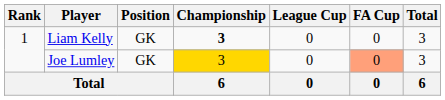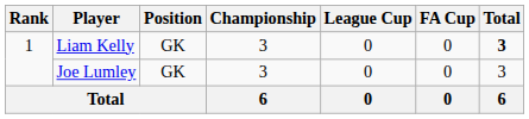 <table class="wikitable">
 <tr>
 <th>Rank</th>
 <th>Player</th>
 <th>Position</th>
 <th>Championship</th>
 <th>League Cup</th>
 <th>FA Cup</th>
 <th>Total</th>
 </tr>
 <tr>
 <td align=center valign=top rowspan=2>1</td>
 <td> <a href='#'>Liam Kelly</a></td>
 <td align=center>GK</td>
-<td align=center><strong>3</strong></td>
+<td align=center>3</td>
 <td align=center>0</td>
 <td align=center>0</td>
-<td align=center>3</td>
+<td align=center><strong>3</strong></td>
 </tr>
 <tr>
 <td> <a href='#'>Joe Lumley</a></td>
 <td align=center>GK</td>
-<td align=center style="background: gold;">3</td>
+<td align=center>3</td>
 <td align=center>0</td>
-<td align=center style="background: lightsalmon;">0</td>
+<td align=center>0</td>
 <td align=center>3</td>
 </tr>
 <tr>
 <th colspan=3>Total</th>
 <th>6</th>
 <th>0</th>
 <th>0</th>
 <th>6</th>
 </tr>
 </table>
